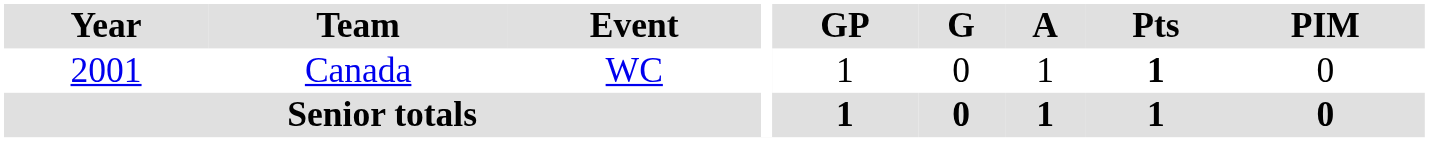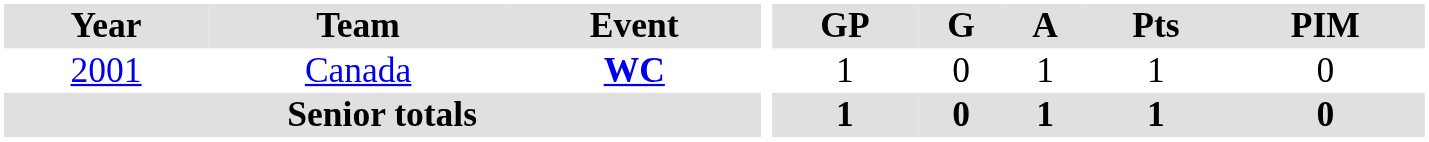 <table border="0" cellpadding="1" cellspacing="0" ID="Table3" style="text-align:center; width:40em">
 <tr bgcolor="#e0e0e0">
 <th>Year</th>
 <th>Team</th>
 <th>Event</th>
 <th rowspan="102" bgcolor="#ffffff"></th>
 <th>GP</th>
 <th>G</th>
 <th>A</th>
 <th>Pts</th>
 <th>PIM</th>
 </tr>
 <tr>
 <td><a href='#'>2001</a></td>
 <td><a href='#'>Canada</a></td>
-<td><a href='#'>WC</a></td>
+<td><strong><a href='#'>WC</a></strong></td>
 <td>1</td>
 <td>0</td>
 <td>1</td>
-<td><strong>1</strong></td>
+<td>1</td>
 <td>0</td>
 </tr>
 <tr bgcolor="#e0e0e0">
 <th colspan="3">Senior totals</th>
 <th>1</th>
 <th>0</th>
 <th>1</th>
 <th>1</th>
 <th>0</th>
 </tr>
 </table>
